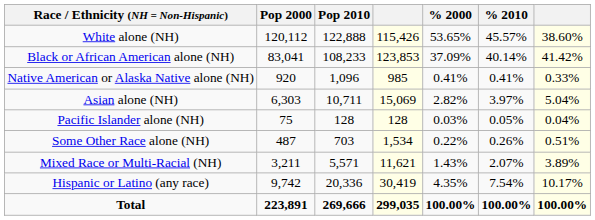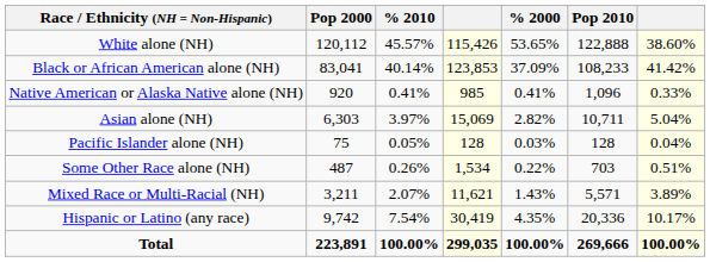 <table class="wikitable" style="text-align:center;">
 <tr>
 <th>Race / Ethnicity <small>(<em>NH = Non-Hispanic</em>)</small></th>
 <th>Pop 2000</th>
-<th>Pop 2010</th>
+<th>% 2010</th>
 <th></th>
 <th>% 2000</th>
-<th>% 2010</th>
+<th>Pop 2010</th>
 <th></th>
 </tr>
 <tr>
 <td><a href='#'>White</a> alone (NH)</td>
 <td>120,112</td>
-<td>122,888</td>
+<td>45.57%</td>
 <td style='background: #ffffe6;'>115,426</td>
 <td>53.65%</td>
-<td>45.57%</td>
+<td>122,888</td>
 <td style='background: #ffffe6;'>38.60%</td>
 </tr>
 <tr>
 <td><a href='#'>Black or African American</a> alone (NH)</td>
 <td>83,041</td>
-<td>108,233</td>
+<td>40.14%</td>
 <td style='background: #ffffe6;'>123,853</td>
 <td>37.09%</td>
-<td>40.14%</td>
+<td>108,233</td>
 <td style='background: #ffffe6;'>41.42%</td>
 </tr>
 <tr>
 <td><a href='#'>Native American</a> or <a href='#'>Alaska Native</a> alone (NH)</td>
 <td>920</td>
-<td>1,096</td>
+<td>0.41%</td>
 <td style='background: #ffffe6;'>985</td>
 <td>0.41%</td>
-<td>0.41%</td>
+<td>1,096</td>
 <td style='background: #ffffe6;'>0.33%</td>
 </tr>
 <tr>
 <td><a href='#'>Asian</a> alone (NH)</td>
 <td>6,303</td>
-<td>10,711</td>
+<td>3.97%</td>
 <td style='background: #ffffe6;'>15,069</td>
 <td>2.82%</td>
-<td>3.97%</td>
+<td>10,711</td>
 <td style='background: #ffffe6;'>5.04%</td>
 </tr>
 <tr>
 <td><a href='#'>Pacific Islander</a> alone (NH)</td>
 <td>75</td>
-<td>128</td>
+<td>0.05%</td>
 <td style='background: #ffffe6;'>128</td>
 <td>0.03%</td>
-<td>0.05%</td>
+<td>128</td>
 <td style='background: #ffffe6;'>0.04%</td>
 </tr>
 <tr>
 <td><a href='#'>Some Other Race</a> alone (NH)</td>
 <td>487</td>
-<td>703</td>
+<td>0.26%</td>
 <td style='background: #ffffe6;'>1,534</td>
 <td>0.22%</td>
-<td>0.26%</td>
+<td>703</td>
 <td style='background: #ffffe6;'>0.51%</td>
 </tr>
 <tr>
 <td><a href='#'>Mixed Race or Multi-Racial</a> (NH)</td>
 <td>3,211</td>
-<td>5,571</td>
+<td>2.07%</td>
 <td style='background: #ffffe6;'>11,621</td>
 <td>1.43%</td>
-<td>2.07%</td>
+<td>5,571</td>
 <td style='background: #ffffe6;'>3.89%</td>
 </tr>
 <tr>
 <td><a href='#'>Hispanic or Latino</a> (any race)</td>
 <td>9,742</td>
-<td>20,336</td>
+<td>7.54%</td>
 <td style='background: #ffffe6;'>30,419</td>
 <td>4.35%</td>
-<td>7.54%</td>
+<td>20,336</td>
 <td style='background: #ffffe6;'>10.17%</td>
 </tr>
 <tr>
 <td><strong>Total</strong></td>
 <td><strong>223,891</strong></td>
-<td><strong>269,666</strong></td>
+<td><strong>100.00%</strong></td>
 <td style='background: #ffffe6;'><strong>299,035</strong></td>
 <td><strong>100.00%</strong></td>
-<td><strong>100.00%</strong></td>
+<td><strong>269,666</strong></td>
 <td style='background: #ffffe6;'><strong>100.00%</strong></td>
 </tr>
 </table>
